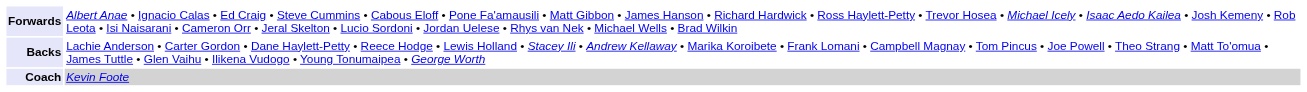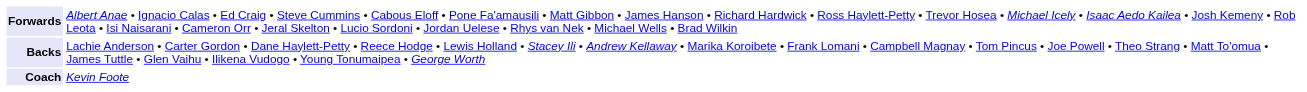 <table cellpadding="2" style="border:1px solid white;font-size:90%">
 <tr>
 <td style="text-align:right;background:lavender"><strong>Forwards</strong></td>
 <td style="text-align:left"><em><a href='#'>Albert Anae</a></em> • <a href='#'>Ignacio Calas</a> • <a href='#'>Ed Craig</a> • <a href='#'>Steve Cummins</a> • <a href='#'>Cabous Eloff</a> • <a href='#'>Pone Fa'amausili</a> • <a href='#'>Matt Gibbon</a> • <a href='#'>James Hanson</a> • <a href='#'>Richard Hardwick</a> • <a href='#'>Ross Haylett-Petty</a> • <a href='#'>Trevor Hosea</a> • <em><a href='#'>Michael Icely</a></em> • <em><a href='#'>Isaac Aedo Kailea</a></em> • <a href='#'>Josh Kemeny</a> • <a href='#'>Rob Leota</a> • <a href='#'>Isi Naisarani</a> • <a href='#'>Cameron Orr</a> • <a href='#'>Jeral Skelton</a> • <a href='#'>Lucio Sordoni</a> • <a href='#'>Jordan Uelese</a> • <a href='#'>Rhys van Nek</a> • <a href='#'>Michael Wells</a> • <a href='#'>Brad Wilkin</a></td>
 </tr>
 <tr>
 <td style="text-align:right;background:lavender"><strong>Backs</strong></td>
 <td style="text-align:left"><a href='#'>Lachie Anderson</a> • <a href='#'>Carter Gordon</a> • <a href='#'>Dane Haylett-Petty</a> • <a href='#'>Reece Hodge</a> • <a href='#'>Lewis Holland</a> • <em><a href='#'>Stacey Ili</a></em> • <em><a href='#'>Andrew Kellaway</a></em> • <a href='#'>Marika Koroibete</a> • <a href='#'>Frank Lomani</a> • <a href='#'>Campbell Magnay</a> • <a href='#'>Tom Pincus</a> • <a href='#'>Joe Powell</a> • <a href='#'>Theo Strang</a> • <a href='#'>Matt To'omua</a> • <a href='#'>James Tuttle</a> • <a href='#'>Glen Vaihu</a> • <a href='#'>Ilikena Vudogo</a> • <a href='#'>Young Tonumaipea</a> • <em><a href='#'>George Worth</a></em></td>
 </tr>
 <tr>
 <td style="text-align:right;background:lavender"><strong>Coach</strong></td>
-<td style="background: lightgrey; text-align:left"><em><a href='#'>Kevin Foote</a></em></td>
+<td style="text-align:left"><em><a href='#'>Kevin Foote</a></em></td>
 </tr>
 </table>
